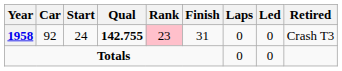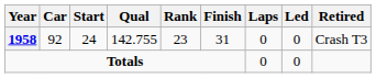 <table class="wikitable" style="text-align:center">
 <tr>
 <th>Year</th>
 <th>Car</th>
 <th>Start</th>
 <th>Qual</th>
 <th>Rank</th>
 <th>Finish</th>
 <th>Laps</th>
 <th>Led</th>
 <th>Retired</th>
 </tr>
 <tr>
 <th><a href='#'>1958</a></th>
 <td>92</td>
 <td>24</td>
-<td><strong>142.755</strong></td>
-<td style="background: pink;">23</td>
+<td>142.755</td>
+<td>23</td>
 <td>31</td>
 <td>0</td>
 <td>0</td>
 <td>Crash T3</td>
 </tr>
 <tr>
 <td colspan=6><strong>Totals</strong></td>
 <td>0</td>
 <td>0</td>
 <td></td>
 </tr>
 </table>
